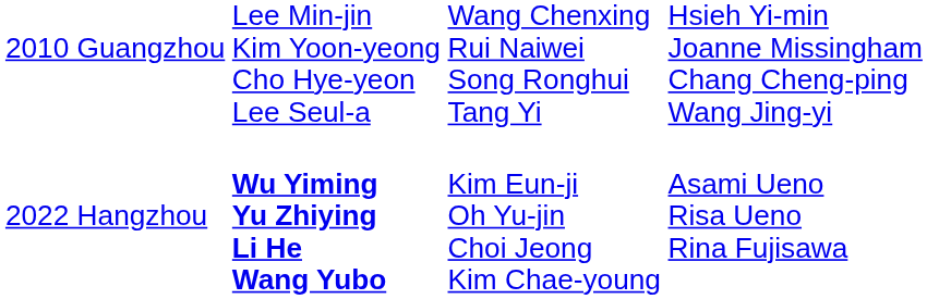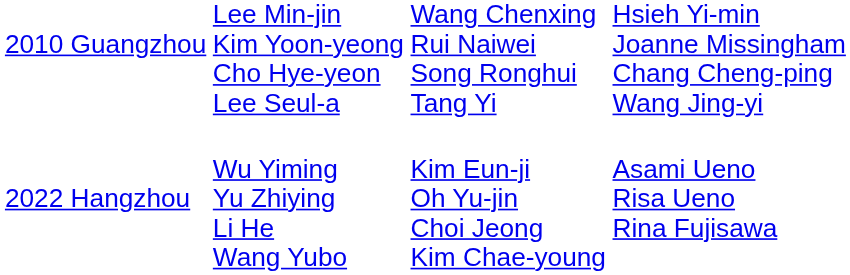 <table>
 <tr>
 <td><a href='#'>2010 Guangzhou</a></td>
 <td><br><a href='#'>Lee Min-jin</a><br><a href='#'>Kim Yoon-yeong</a><br><a href='#'>Cho Hye-yeon</a><br><a href='#'>Lee Seul-a</a></td>
 <td><br><a href='#'>Wang Chenxing</a><br><a href='#'>Rui Naiwei</a><br><a href='#'>Song Ronghui</a><br><a href='#'>Tang Yi</a></td>
 <td><br><a href='#'>Hsieh Yi-min</a><br><a href='#'>Joanne Missingham</a><br><a href='#'>Chang Cheng-ping</a><br><a href='#'>Wang Jing-yi</a></td>
 </tr>
 <tr>
 <td><a href='#'>2022 Hangzhou</a></td>
-<td><strong><br><a href='#'>Wu Yiming</a><br><a href='#'>Yu Zhiying</a><br><a href='#'>Li He</a><br><a href='#'>Wang Yubo</a></strong></td>
+<td><br><a href='#'>Wu Yiming</a><br><a href='#'>Yu Zhiying</a><br><a href='#'>Li He</a><br><a href='#'>Wang Yubo</a></td>
 <td><br><a href='#'>Kim Eun-ji</a><br><a href='#'>Oh Yu-jin</a><br><a href='#'>Choi Jeong</a><br><a href='#'>Kim Chae-young</a></td>
 <td valign=top><br><a href='#'>Asami Ueno</a><br><a href='#'>Risa Ueno</a><br><a href='#'>Rina Fujisawa</a></td>
 </tr>
 </table>
